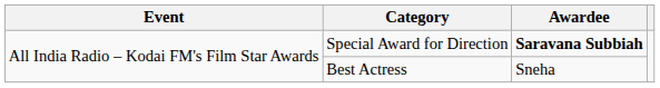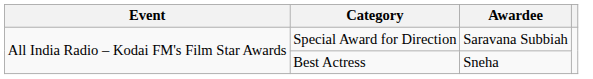 <table class="wikitable">
 <tr>
 <th>Event</th>
 <th>Category</th>
 <th>Awardee</th>
 <th></th>
 </tr>
 <tr>
 <td rowspan="2">All India Radio – Kodai FM's Film Star Awards</td>
 <td>Special Award for Direction</td>
-<td><strong>Saravana Subbiah</strong></td>
+<td>Saravana Subbiah</td>
 <td rowspan="2" style="text-align:center;"></td>
 </tr>
 <tr>
 <td>Best Actress</td>
 <td>Sneha</td>
 </tr>
 </table>
